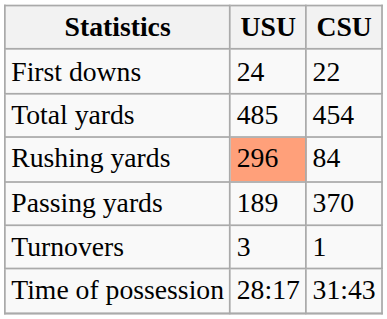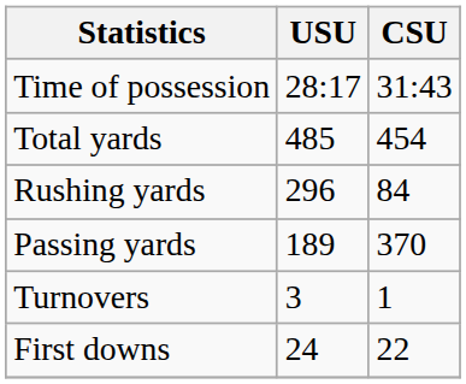 <table class="wikitable" style="float: left;">
 <tr>
 <th>Statistics</th>
 <th>USU</th>
 <th>CSU</th>
 </tr>
 <tr>
-<td>First downs</td>
-<td>24</td>
-<td>22</td>
+<td>Time of possession</td>
+<td>28:17</td>
+<td>31:43</td>
 </tr>
 <tr>
 <td>Total yards</td>
 <td>485</td>
 <td>454</td>
 </tr>
 <tr>
 <td>Rushing yards</td>
-<td style="background: lightsalmon;">296</td>
+<td>296</td>
 <td>84</td>
 </tr>
 <tr>
 <td>Passing yards</td>
 <td>189</td>
 <td>370</td>
 </tr>
 <tr>
 <td>Turnovers</td>
 <td>3</td>
 <td>1</td>
 </tr>
 <tr>
-<td>Time of possession</td>
-<td>28:17</td>
-<td>31:43</td>
+<td>First downs</td>
+<td>24</td>
+<td>22</td>
 </tr>
 <tr>
 </tr>
 </table>
